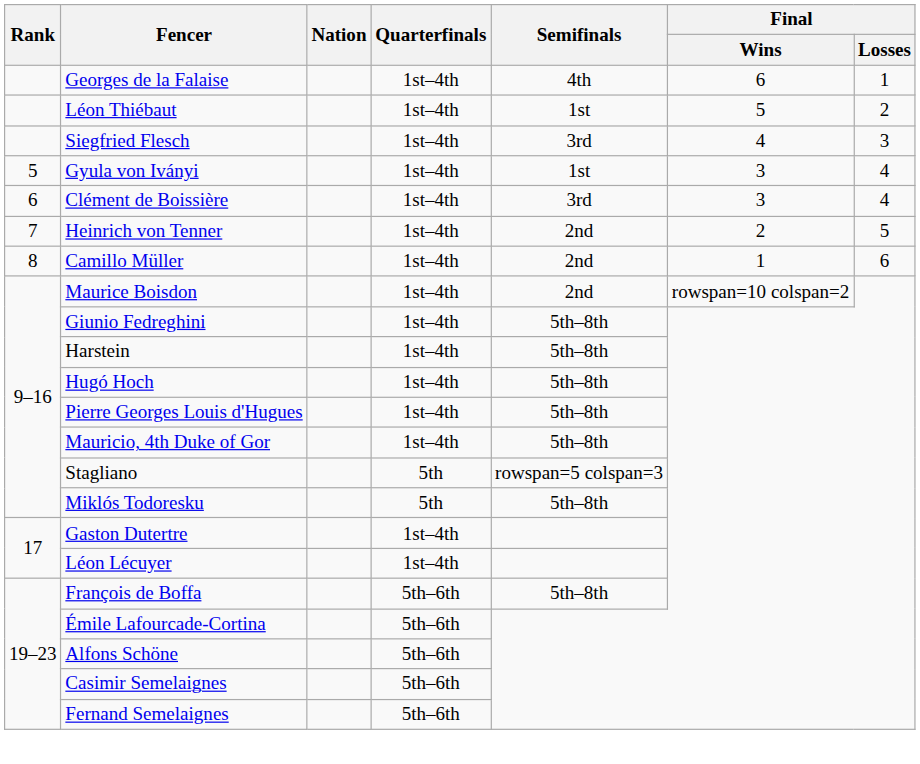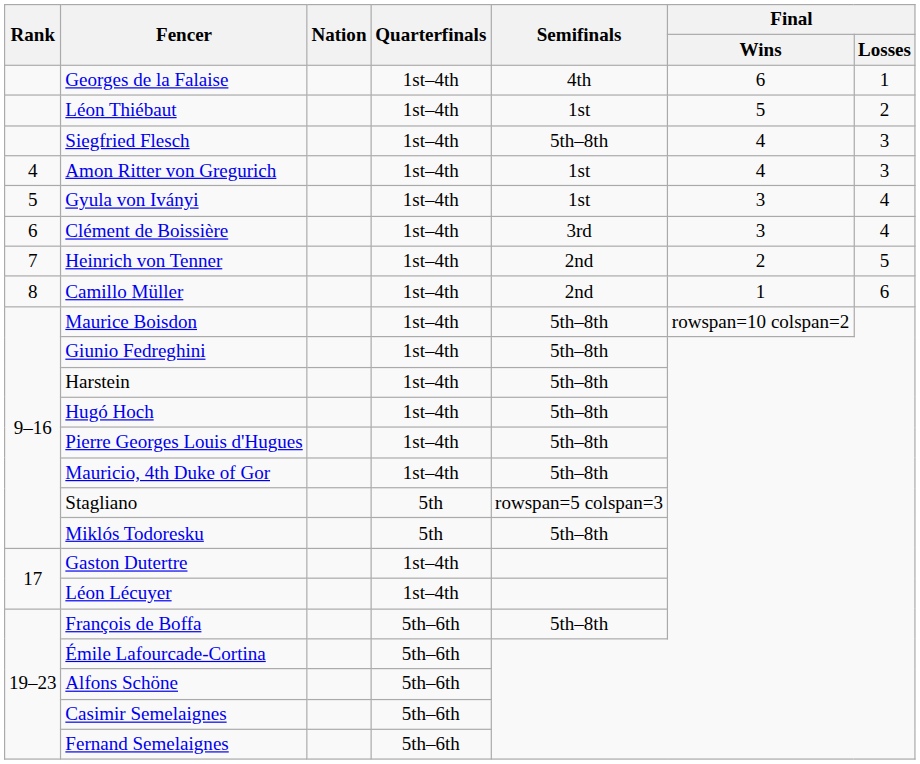 <table class="wikitable sortable" style="text-align:center">
 <tr>
 <th rowspan=2>Rank</th>
 <th rowspan=2>Fencer</th>
 <th rowspan=2>Nation</th>
 <th rowspan=2>Quarterfinals</th>
 <th rowspan=2>Semifinals</th>
 <th colspan=2>Final</th>
 </tr>
 <tr>
 <th>Wins</th>
 <th>Losses</th>
 </tr>
 <tr>
 <td></td>
 <td align=left><a href='#'>Georges de la Falaise</a></td>
 <td align=left></td>
 <td>1st–4th</td>
 <td>4th</td>
 <td>6</td>
 <td>1</td>
 </tr>
 <tr>
 <td></td>
 <td align=left><a href='#'>Léon Thiébaut</a></td>
 <td align=left></td>
 <td>1st–4th</td>
 <td>1st</td>
 <td>5</td>
 <td>2</td>
 </tr>
 <tr>
 <td></td>
 <td align=left><a href='#'>Siegfried Flesch</a></td>
 <td align=left></td>
 <td>1st–4th</td>
-<td>3rd</td>
+<td>5th–8th</td>
+<td>4</td>
+<td>3</td>
+</tr>
+<tr>
+<td>4</td>
+<td align=left><a href='#'>Amon Ritter von Gregurich</a></td>
+<td align=left></td>
+<td>1st–4th</td>
+<td>1st</td>
 <td>4</td>
 <td>3</td>
 </tr>
 <tr>
 <td>5</td>
 <td align=left><a href='#'>Gyula von Iványi</a></td>
 <td align=left></td>
 <td>1st–4th</td>
 <td>1st</td>
 <td>3</td>
 <td>4</td>
 </tr>
 <tr>
 <td>6</td>
 <td align=left><a href='#'>Clément de Boissière</a></td>
 <td align=left></td>
 <td>1st–4th</td>
 <td>3rd</td>
 <td>3</td>
 <td>4</td>
 </tr>
 <tr>
 <td>7</td>
 <td align=left><a href='#'>Heinrich von Tenner</a></td>
 <td align=left></td>
 <td>1st–4th</td>
 <td>2nd</td>
 <td>2</td>
 <td>5</td>
 </tr>
 <tr>
 <td>8</td>
 <td align=left><a href='#'>Camillo Müller</a></td>
 <td align=left></td>
 <td>1st–4th</td>
 <td>2nd</td>
 <td>1</td>
 <td>6</td>
 </tr>
 <tr>
 <td rowspan=8>9–16</td>
 <td align=left><a href='#'>Maurice Boisdon</a></td>
 <td align=left></td>
 <td>1st–4th</td>
-<td>2nd</td>
+<td>5th–8th</td>
 <td>rowspan=10 colspan=2 </td>
 </tr>
 <tr>
 <td align=left><a href='#'>Giunio Fedreghini</a></td>
 <td align=left></td>
 <td>1st–4th</td>
 <td>5th–8th</td>
 </tr>
 <tr>
 <td align=left>Harstein</td>
 <td align=left></td>
 <td>1st–4th</td>
 <td>5th–8th</td>
 </tr>
 <tr>
 <td align=left><a href='#'>Hugó Hoch</a></td>
 <td align=left></td>
 <td>1st–4th</td>
 <td>5th–8th</td>
 </tr>
 <tr>
 <td align=left><a href='#'>Pierre Georges Louis d'Hugues</a></td>
 <td align=left></td>
 <td>1st–4th</td>
 <td>5th–8th</td>
 </tr>
 <tr>
 <td align=left><a href='#'>Mauricio, 4th Duke of Gor</a></td>
 <td align=left></td>
 <td>1st–4th</td>
 <td>5th–8th</td>
 </tr>
 <tr>
 <td align=left>Stagliano</td>
 <td align=left></td>
 <td>5th</td>
 <td>rowspan=5 colspan=3 </td>
 </tr>
 <tr>
 <td align=left><a href='#'>Miklós Todoresku</a></td>
 <td align=left></td>
 <td>5th</td>
 <td>5th–8th</td>
 </tr>
 <tr>
 <td rowspan=2>17</td>
 <td align=left><a href='#'>Gaston Dutertre</a></td>
 <td align=left></td>
 <td>1st–4th</td>
 <td></td>
 </tr>
 <tr>
 <td align=left><a href='#'>Léon Lécuyer</a></td>
 <td align=left></td>
 <td>1st–4th</td>
 <td></td>
 </tr>
 <tr>
 <td rowspan=5>19–23</td>
 <td align=left><a href='#'>François de Boffa</a></td>
 <td align=left></td>
 <td>5th–6th</td>
 <td>5th–8th</td>
 </tr>
 <tr>
 <td align=left><a href='#'>Émile Lafourcade-Cortina</a></td>
 <td align=left></td>
 <td>5th–6th</td>
 </tr>
 <tr>
 <td align=left><a href='#'>Alfons Schöne</a></td>
 <td align=left></td>
 <td>5th–6th</td>
 </tr>
 <tr>
 <td align=left><a href='#'>Casimir Semelaignes</a></td>
 <td align=left></td>
 <td>5th–6th</td>
 </tr>
 <tr>
 <td align=left><a href='#'>Fernand Semelaignes</a></td>
 <td align=left></td>
 <td>5th–6th</td>
 </tr>
 </table>
